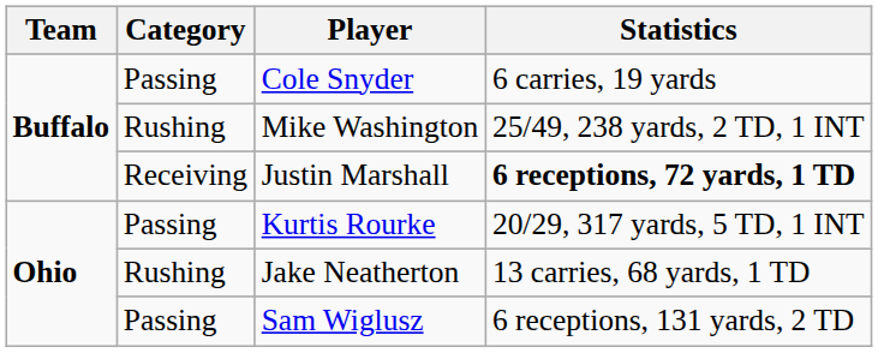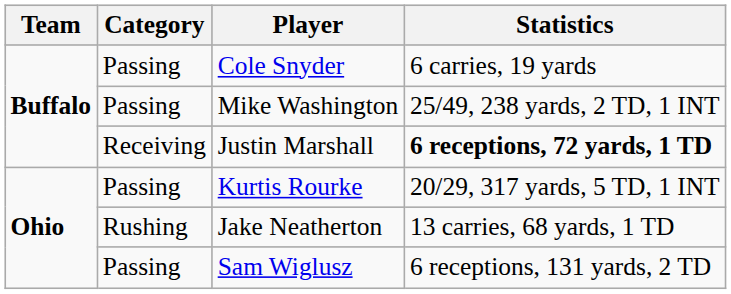 <table class="wikitable" style="float: right;">
 <tr>
 <th>Team</th>
 <th>Category</th>
 <th>Player</th>
 <th>Statistics</th>
 </tr>
 <tr>
 <td rowspan=3><strong>Buffalo</strong></td>
 <td>Passing</td>
 <td><a href='#'>Cole Snyder</a></td>
 <td>6 carries, 19 yards</td>
 </tr>
 <tr>
-<td>Rushing</td>
+<td>Passing</td>
 <td>Mike Washington</td>
 <td>25/49, 238 yards, 2 TD, 1 INT</td>
 </tr>
 <tr>
 <td>Receiving</td>
 <td>Justin Marshall</td>
 <td><strong>6 receptions, 72 yards, 1 TD</strong></td>
 </tr>
 <tr>
 <td rowspan=3><strong>Ohio</strong></td>
 <td>Passing</td>
 <td><a href='#'>Kurtis Rourke</a></td>
 <td>20/29, 317 yards, 5 TD, 1 INT</td>
 </tr>
 <tr>
 <td>Rushing</td>
 <td>Jake Neatherton</td>
 <td>13 carries, 68 yards, 1 TD</td>
 </tr>
 <tr>
 <td>Passing</td>
 <td><a href='#'>Sam Wiglusz</a></td>
 <td>6 receptions, 131 yards, 2 TD</td>
 </tr>
 </table>
